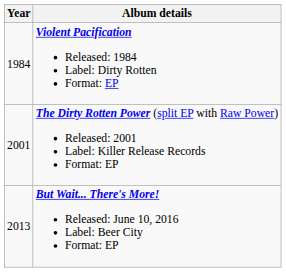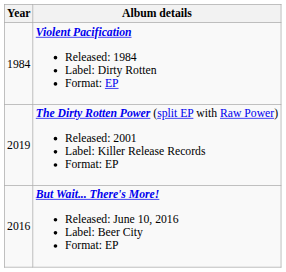 <table class ="wikitable">
 <tr>
 <th>Year</th>
 <th>Album details</th>
 </tr>
 <tr>
 <td>1984</td>
 <td><strong><em><a href='#'>Violent Pacification</a></em></strong><br><ul><li>Released: 1984</li><li>Label: Dirty Rotten</li><li>Format: <a href='#'>EP</a></li></ul></td>
 </tr>
 <tr>
-<td>2001</td>
+<td>2019</td>
 <td><strong><em><a href='#'>The Dirty Rotten Power</a></em></strong> (<a href='#'>split EP</a> with <a href='#'>Raw Power</a>)<br><ul><li>Released: 2001</li><li>Label: Killer Release Records</li><li>Format: EP</li></ul></td>
 </tr>
 <tr>
-<td>2013</td>
+<td>2016</td>
 <td><strong><em><a href='#'>But Wait... There's More!</a></em></strong><br><ul><li>Released: June 10, 2016</li><li>Label: Beer City</li><li>Format: EP</li></ul></td>
 </tr>
 </table>
